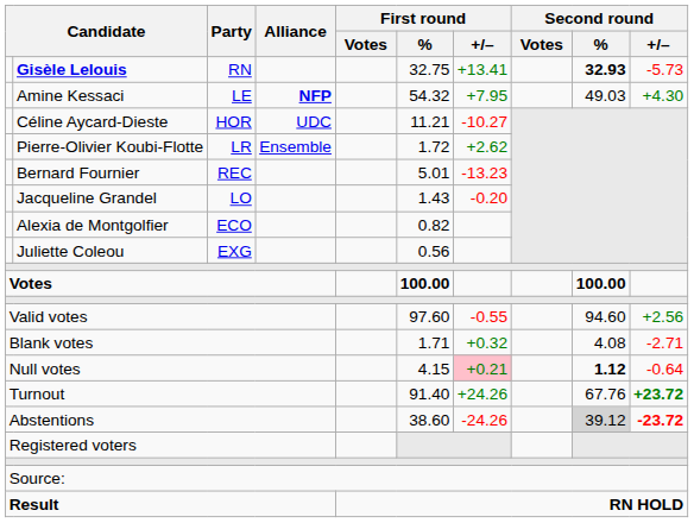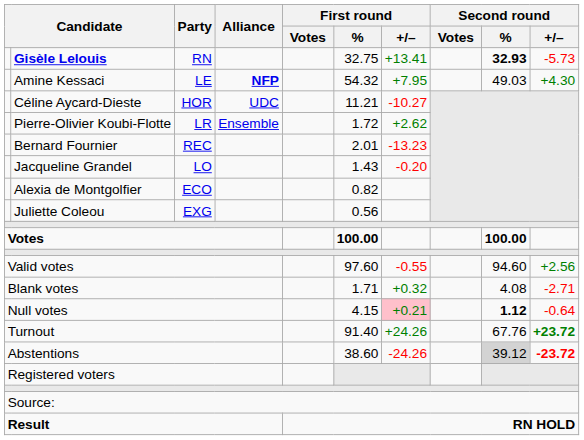 <table class="wikitable" style="text-align:right;font-size:95%;">
 <tr>
 <th rowspan="2" colspan="2">Candidate</th>
 <th colspan="1" rowspan="2">Party</th>
 <th colspan="1" rowspan="2">Alliance</th>
 <th colspan="3">First round</th>
 <th colspan="3">Second round</th>
 </tr>
 <tr>
 <th style="width:50px;">Votes</th>
 <th style="width:45px;">%</th>
 <th style="width:45px;">+/–</th>
 <th style="width:50px;">Votes</th>
 <th style="width:45px;">%</th>
 <th style="width:45px;">+/–</th>
 </tr>
 <tr>
 <td style="color:inherit;background:"></td>
 <td style="text-align:left;"><strong><a href='#'>Gisèle Lelouis</a></strong></td>
 <td><a href='#'>RN</a></td>
 <td></td>
 <td></td>
 <td>32.75</td>
 <td style="color:green;">+13.41</td>
 <td><strong></strong></td>
 <td><strong>32.93</strong></td>
 <td style="color:red;">-5.73</td>
 </tr>
 <tr>
 <td style="color:inherit;background:"></td>
 <td style="text-align:left;">Amine Kessaci</td>
 <td><a href='#'>LE</a></td>
 <td><strong><a href='#'>NFP</a></strong></td>
 <td></td>
 <td>54.32</td>
 <td style="color:green;">+7.95</td>
 <td></td>
 <td>49.03</td>
 <td style="color:green;">+4.30</td>
 </tr>
 <tr>
 <td style="color:inherit;background:"></td>
 <td style="text-align:left;">Céline Aycard-Dieste</td>
 <td><a href='#'>HOR</a></td>
 <td><a href='#'>UDC</a></td>
 <td></td>
 <td>11.21</td>
 <td style="color:red;">-10.27</td>
 <td colspan="3" rowspan="6" style="background:#E9E9E9;"></td>
 </tr>
 <tr>
 <td style="color:inherit;background:"></td>
 <td style="text-align:left;">Pierre-Olivier Koubi-Flotte</td>
 <td><a href='#'>LR</a></td>
 <td><a href='#'>Ensemble</a></td>
 <td></td>
 <td>1.72</td>
 <td style="color:green;">+2.62</td>
 </tr>
 <tr>
 <td style="color:inherit;background:"></td>
 <td style="text-align:left;">Bernard Fournier</td>
 <td><a href='#'>REC</a></td>
 <td></td>
 <td></td>
-<td>5.01</td>
+<td>2.01</td>
 <td style="color:red;">-13.23</td>
 </tr>
 <tr>
 <td style="color:inherit;background:"></td>
 <td style="text-align:left;">Jacqueline Grandel</td>
 <td><a href='#'>LO</a></td>
 <td></td>
 <td></td>
 <td>1.43</td>
 <td style="color:red;">-0.20</td>
 </tr>
 <tr>
 <td style="color:inherit;background:"></td>
 <td style="text-align:left;">Alexia de Montgolfier</td>
 <td><a href='#'>ECO</a></td>
 <td></td>
 <td></td>
 <td>0.82</td>
 <td style="color:grey;"></td>
 </tr>
 <tr>
 <td style="color:inherit;background:"></td>
 <td style="text-align:left;">Juliette Coleou</td>
 <td><a href='#'>EXG</a></td>
 <td></td>
 <td></td>
 <td>0.56</td>
 <td style="color:grey;"></td>
 </tr>
 <tr>
 <td colspan="10" style="background:#E9E9E9;"></td>
 </tr>
 <tr style="font-weight:bold;">
 <td colspan="4" style="text-align:left;">Votes</td>
 <td></td>
 <td>100.00</td>
 <td></td>
 <td></td>
 <td>100.00</td>
 <td></td>
 </tr>
 <tr>
 <td colspan="10" style="background:#E9E9E9;"></td>
 </tr>
 <tr>
 <td colspan="4" style="text-align:left;">Valid votes</td>
 <td></td>
 <td>97.60</td>
 <td style="color:red;">-0.55</td>
 <td></td>
 <td>94.60</td>
 <td style="color:green;">+2.56</td>
 </tr>
 <tr>
 <td colspan="4" style="text-align:left;">Blank votes</td>
 <td></td>
 <td>1.71</td>
 <td style="color:green;">+0.32</td>
 <td></td>
 <td>4.08</td>
 <td style="color:red;">-2.71</td>
 </tr>
 <tr>
 <td colspan="4" style="text-align:left;">Null votes</td>
 <td></td>
 <td>4.15</td>
 <td style="background: pink; color:green;">+0.21</td>
 <td></td>
 <td><strong>1.12</strong></td>
 <td style="color:red;">-0.64</td>
 </tr>
 <tr>
 <td colspan="4" style="text-align:left;">Turnout</td>
 <td></td>
 <td>91.40</td>
 <td style="color:green;">+24.26</td>
 <td></td>
 <td>67.76</td>
 <td style="color:green;"><strong>+23.72</strong></td>
 </tr>
 <tr>
 <td colspan="4" style="text-align:left;">Abstentions</td>
 <td></td>
 <td>38.60</td>
 <td style="color:red;">-24.26</td>
 <td></td>
 <td style="background: lightgrey;">39.12</td>
 <td style="color:red;"><strong>-23.72</strong></td>
 </tr>
 <tr>
 <td colspan="4" style="text-align:left;">Registered voters</td>
 <td></td>
 <td colspan="2" style="background:#E9E9E9;"></td>
 <td></td>
 <td colspan="2" style="background:#E9E9E9;"></td>
 </tr>
 <tr>
 <td colspan="10" style="background:#E9E9E9;"></td>
 </tr>
 <tr>
 <td colspan="10" style="text-align:left;">Source: </td>
 </tr>
 <tr style="font-weight:bold">
 <td colspan="4" style="text-align:left;">Result</td>
 <td colspan="6" style="background-color:">RN HOLD</td>
 </tr>
 </table>
